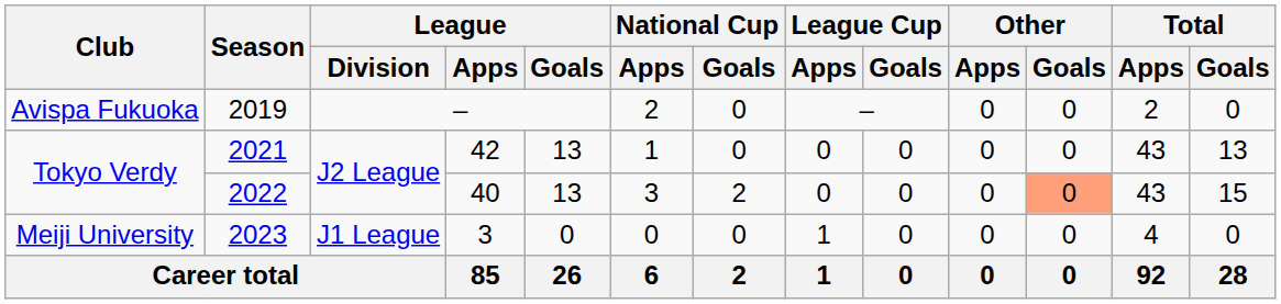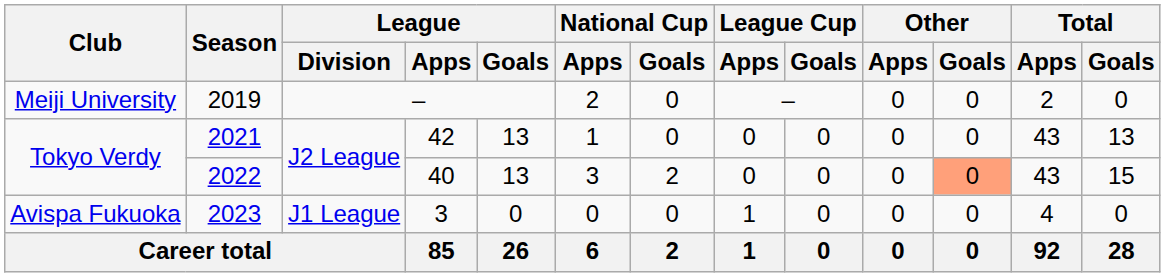 <table class="wikitable" style="text-align: center">
 <tr>
 <th rowspan="2">Club</th>
 <th rowspan="2">Season</th>
 <th colspan="3">League</th>
 <th colspan="2">National Cup</th>
 <th colspan="2">League Cup</th>
 <th colspan="2">Other</th>
 <th colspan="2">Total</th>
 </tr>
 <tr>
 <th>Division</th>
 <th>Apps</th>
 <th>Goals</th>
 <th>Apps</th>
 <th>Goals</th>
 <th>Apps</th>
 <th>Goals</th>
 <th>Apps</th>
 <th>Goals</th>
 <th>Apps</th>
 <th>Goals</th>
 </tr>
 <tr>
-<td><a href='#'>Avispa Fukuoka</a></td>
+<td><a href='#'>Meiji University</a></td>
 <td>2019</td>
 <td colspan="3">–</td>
 <td>2</td>
 <td>0</td>
 <td colspan="2">–</td>
 <td>0</td>
 <td>0</td>
 <td>2</td>
 <td>0</td>
 </tr>
 <tr>
 <td rowspan="2"><a href='#'>Tokyo Verdy</a></td>
 <td><a href='#'>2021</a></td>
 <td rowspan="2"><a href='#'>J2 League</a></td>
 <td>42</td>
 <td>13</td>
 <td>1</td>
 <td>0</td>
 <td>0</td>
 <td>0</td>
 <td>0</td>
 <td>0</td>
 <td>43</td>
 <td>13</td>
 </tr>
 <tr>
 <td><a href='#'>2022</a></td>
 <td>40</td>
 <td>13</td>
 <td>3</td>
 <td>2</td>
 <td>0</td>
 <td>0</td>
 <td>0</td>
 <td style="background: lightsalmon;">0</td>
 <td>43</td>
 <td>15</td>
 </tr>
 <tr>
-<td><a href='#'>Meiji University</a></td>
+<td><a href='#'>Avispa Fukuoka</a></td>
 <td><a href='#'>2023</a></td>
 <td><a href='#'>J1 League</a></td>
 <td>3</td>
 <td>0</td>
 <td>0</td>
 <td>0</td>
 <td>1</td>
 <td>0</td>
 <td>0</td>
 <td>0</td>
 <td>4</td>
 <td>0</td>
 </tr>
 <tr>
 <th colspan=3>Career total</th>
 <th>85</th>
 <th>26</th>
 <th>6</th>
 <th>2</th>
 <th>1</th>
 <th>0</th>
 <th>0</th>
 <th>0</th>
 <th>92</th>
 <th>28</th>
 </tr>
 </table>
